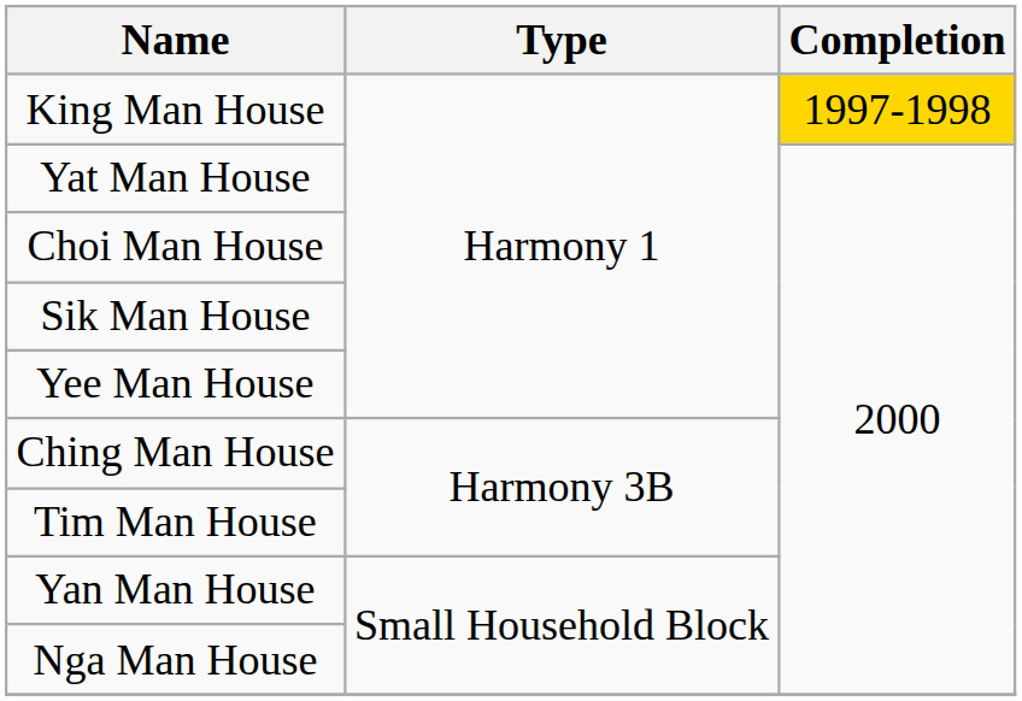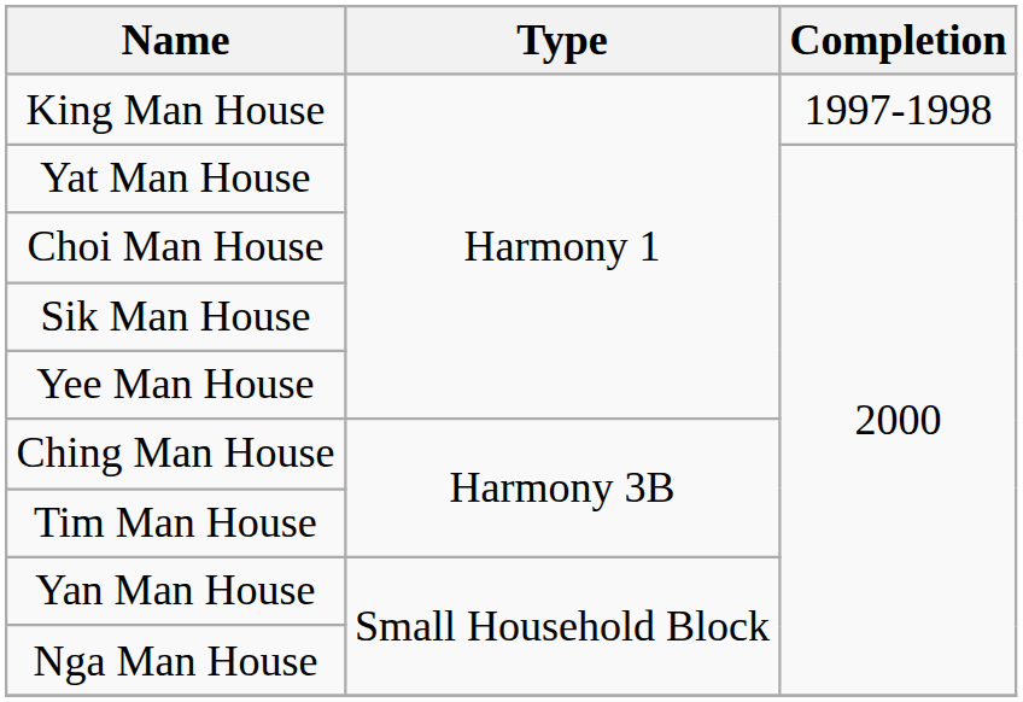 <table class="wikitable" style="text-align: center">
 <tr>
 <th>Name</th>
 <th>Type</th>
 <th>Completion</th>
 </tr>
 <tr>
 <td>King Man House</td>
 <td rowspan="5">Harmony 1</td>
-<td rowspan="1" style="background: gold;">1997-1998</td>
+<td rowspan="1">1997-1998</td>
 </tr>
 <tr>
 <td>Yat Man House</td>
 <td rowspan="8">2000</td>
 </tr>
 <tr>
 <td>Choi Man House</td>
 </tr>
 <tr>
 <td>Sik Man House</td>
 </tr>
 <tr>
 <td>Yee Man House</td>
 </tr>
 <tr>
 <td>Ching Man House</td>
 <td rowspan="2">Harmony 3B</td>
 </tr>
 <tr>
 <td>Tim Man House</td>
 </tr>
 <tr>
 <td>Yan Man House</td>
 <td rowspan="2">Small Household Block</td>
 </tr>
 <tr>
 <td>Nga Man House</td>
 </tr>
 <tr>
 </tr>
 </table>
